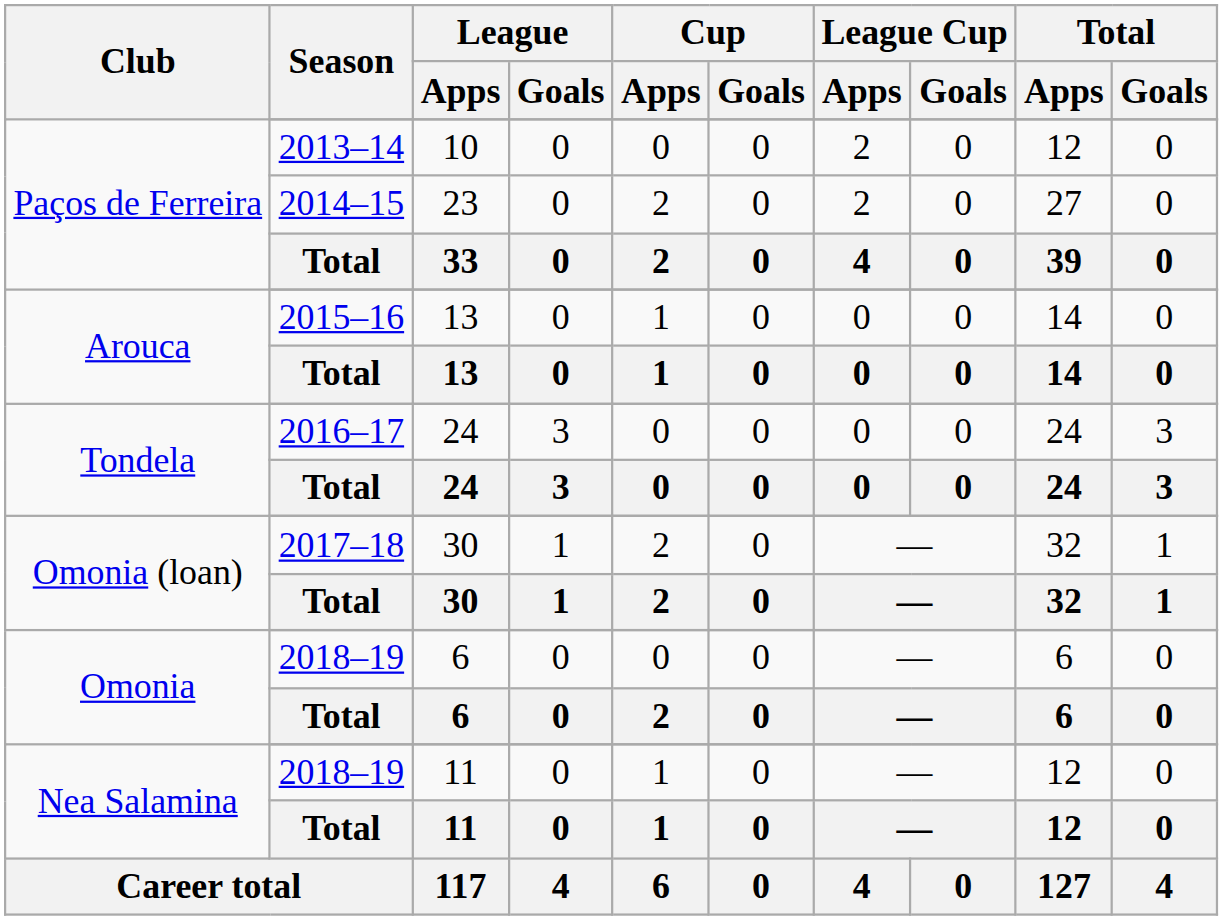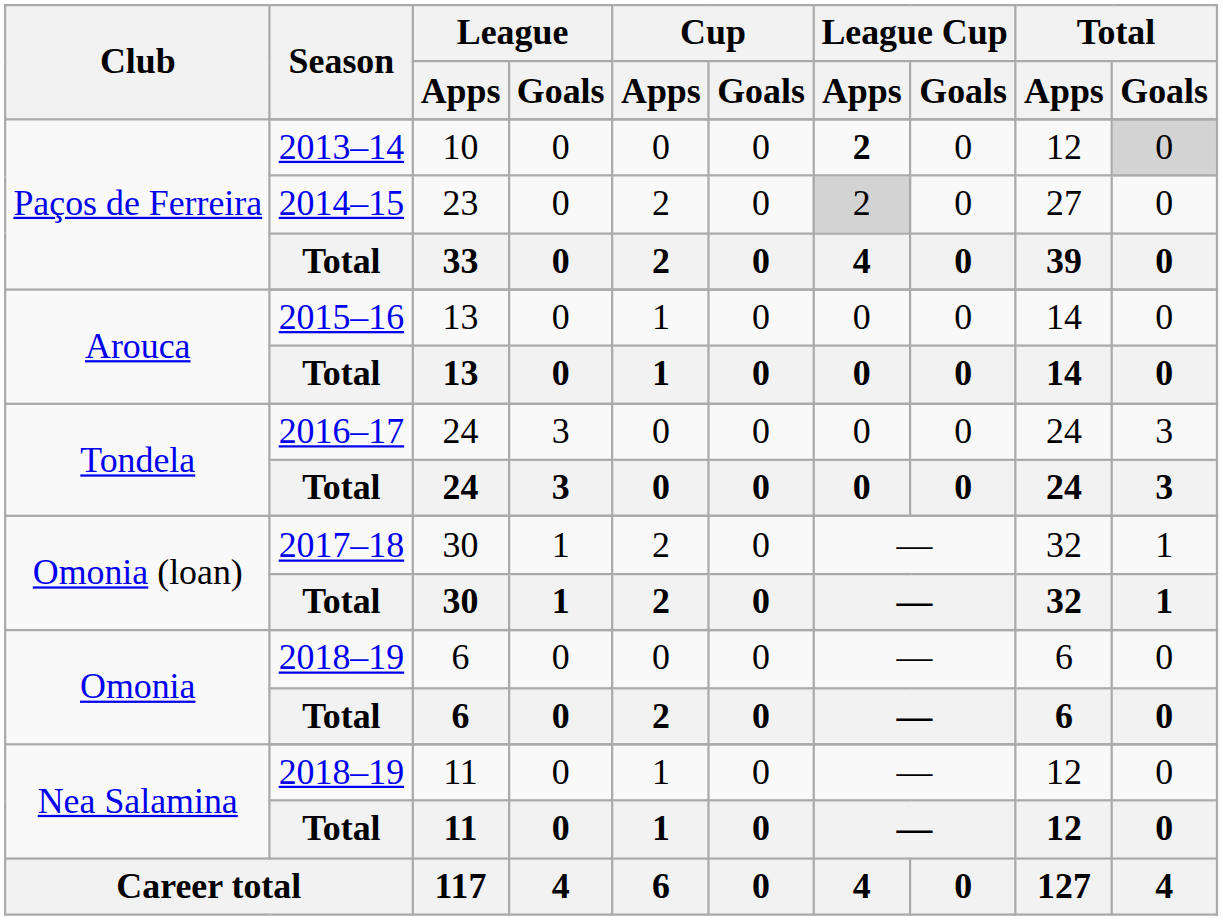 <table class="wikitable" style="text-align:center;">
 <tr>
 <th rowspan="2">Club</th>
 <th rowspan="2">Season</th>
 <th colspan="2">League</th>
 <th colspan="2">Cup</th>
 <th colspan="2">League Cup</th>
 <th colspan="2">Total</th>
 </tr>
 <tr>
 <th>Apps</th>
 <th>Goals</th>
 <th>Apps</th>
 <th>Goals</th>
 <th>Apps</th>
 <th>Goals</th>
 <th>Apps</th>
 <th>Goals</th>
 </tr>
 <tr ||-||-||-|->
 <td rowspan="4" valign="center"><a href='#'>Paços de Ferreira</a></td>
 </tr>
 <tr>
 <td><a href='#'>2013–14</a></td>
 <td>10</td>
 <td>0</td>
 <td>0</td>
 <td>0</td>
-<td>2</td>
+<td><strong>2</strong></td>
 <td>0</td>
 <td>12</td>
-<td>0</td>
+<td style="background: lightgrey;">0</td>
 </tr>
 <tr>
 <td><a href='#'>2014–15</a></td>
 <td>23</td>
 <td>0</td>
 <td>2</td>
 <td>0</td>
-<td>2</td>
+<td style="background: lightgrey;">2</td>
 <td>0</td>
 <td>27</td>
 <td>0</td>
 </tr>
 <tr>
 <th>Total</th>
 <th>33</th>
 <th>0</th>
 <th>2</th>
 <th>0</th>
 <th>4</th>
 <th>0</th>
 <th>39</th>
 <th>0</th>
 </tr>
 <tr>
 <td rowspan="3" valign="center"><a href='#'>Arouca</a></td>
 </tr>
 <tr>
 <td><a href='#'>2015–16</a></td>
 <td>13</td>
 <td>0</td>
 <td>1</td>
 <td>0</td>
 <td>0</td>
 <td>0</td>
 <td>14</td>
 <td>0</td>
 </tr>
 <tr>
 <th>Total</th>
 <th>13</th>
 <th>0</th>
 <th>1</th>
 <th>0</th>
 <th>0</th>
 <th>0</th>
 <th>14</th>
 <th>0</th>
 </tr>
 <tr>
 <td rowspan="3" valign="center"><a href='#'>Tondela</a></td>
 </tr>
 <tr>
 <td><a href='#'>2016–17</a></td>
 <td>24</td>
 <td>3</td>
 <td>0</td>
 <td>0</td>
 <td>0</td>
 <td>0</td>
 <td>24</td>
 <td>3</td>
 </tr>
 <tr>
 <th>Total</th>
 <th>24</th>
 <th>3</th>
 <th>0</th>
 <th>0</th>
 <th>0</th>
 <th>0</th>
 <th>24</th>
 <th>3</th>
 </tr>
 <tr>
 <td rowspan="3" valign="center"><a href='#'>Omonia</a> (loan)</td>
 </tr>
 <tr>
 <td><a href='#'>2017–18</a></td>
 <td>30</td>
 <td>1</td>
 <td>2</td>
 <td>0</td>
 <td colspan=2>—</td>
 <td>32</td>
 <td>1</td>
 </tr>
 <tr>
 <th>Total</th>
 <th>30</th>
 <th>1</th>
 <th>2</th>
 <th>0</th>
 <th colspan=2>—</th>
 <th>32</th>
 <th>1</th>
 </tr>
 <tr>
 <td rowspan="3" valign="center"><a href='#'>Omonia</a></td>
 </tr>
 <tr>
 <td><a href='#'>2018–19</a></td>
 <td>6</td>
 <td>0</td>
 <td>0</td>
 <td>0</td>
 <td colspan=2>—</td>
 <td>6</td>
 <td>0</td>
 </tr>
 <tr>
 <th>Total</th>
 <th>6</th>
 <th>0</th>
 <th>2</th>
 <th>0</th>
 <th colspan=2>—</th>
 <th>6</th>
 <th>0</th>
 </tr>
 <tr>
 <td rowspan="3" valign="center"><a href='#'>Nea Salamina</a></td>
 </tr>
 <tr>
 <td><a href='#'>2018–19</a></td>
 <td>11</td>
 <td>0</td>
 <td>1</td>
 <td>0</td>
 <td colspan=2>—</td>
 <td>12</td>
 <td>0</td>
 </tr>
 <tr>
 <th>Total</th>
 <th>11</th>
 <th>0</th>
 <th>1</th>
 <th>0</th>
 <th colspan=2>—</th>
 <th>12</th>
 <th>0</th>
 </tr>
 <tr>
 <th colspan=2>Career total</th>
 <th>117</th>
 <th>4</th>
 <th>6</th>
 <th>0</th>
 <th>4</th>
 <th>0</th>
 <th>127</th>
 <th>4</th>
 </tr>
 </table>
